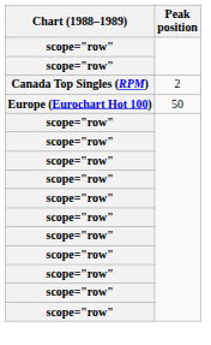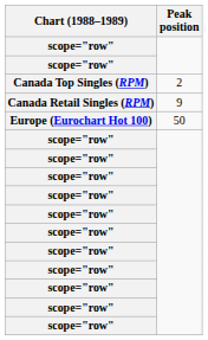 <table class="wikitable sortable plainrowheaders" style="text-align:center">
 <tr>
 <th>Chart (1988–1989)</th>
 <th>Peak<br>position</th>
 </tr>
 <tr>
 <th>scope="row"</th>
 </tr>
 <tr>
 <th>scope="row"</th>
 </tr>
 <tr>
 <th scope="row">Canada Top Singles (<em><a href='#'>RPM</a></em>)</th>
 <td>2</td>
+</tr>
+<tr>
+<th scope="row">Canada Retail Singles (<em><a href='#'>RPM</a></em>)</th>
+<td>9</td>
 </tr>
 <tr>
 <th scope="row">Europe (<a href='#'>Eurochart Hot 100</a>)</th>
 <td>50</td>
 </tr>
 <tr>
 <th>scope="row"</th>
 </tr>
 <tr>
 <th>scope="row"</th>
 </tr>
 <tr>
 <th>scope="row"</th>
 </tr>
 <tr>
 <th>scope="row"</th>
 </tr>
 <tr>
 <th>scope="row"</th>
 </tr>
 <tr>
 <th>scope="row"</th>
 </tr>
 <tr>
 <th>scope="row"</th>
 </tr>
 <tr>
 <th>scope="row"</th>
 </tr>
 <tr>
 <th>scope="row"</th>
 </tr>
 <tr>
 <th>scope="row"</th>
 </tr>
 <tr>
 <th>scope="row"</th>
 </tr>
 </table>
